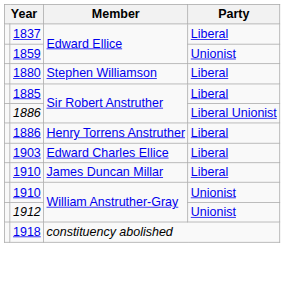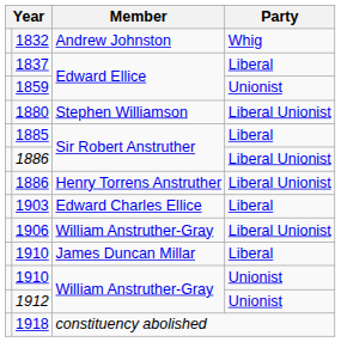 <table class="wikitable">
 <tr>
 <th colspan="2">Year</th>
 <th>Member </th>
 <th>Party</th>
+</tr>
+<tr>
+<td style="color:inherit;background-color: "></td>
+<td><a href='#'>1832</a></td>
+<td><a href='#'>Andrew Johnston</a></td>
+<td><a href='#'>Whig</a></td>
 </tr>
 <tr>
 <td style="color:inherit;background-color: "></td>
 <td><a href='#'>1837</a></td>
 <td rowspan="2"><a href='#'>Edward Ellice</a></td>
 <td><a href='#'>Liberal</a></td>
 </tr>
 <tr>
 <td style="color:inherit;background-color: "></td>
 <td><a href='#'>1859</a></td>
 <td><a href='#'>Unionist</a></td>
 </tr>
 <tr>
 <td style="color:inherit;background-color: "></td>
 <td><a href='#'>1880</a></td>
 <td><a href='#'>Stephen Williamson</a></td>
-<td><a href='#'>Liberal</a></td>
+<td><a href='#'>Liberal Unionist</a></td>
 </tr>
 <tr>
 <td style="color:inherit;background-color: "></td>
 <td><a href='#'>1885</a></td>
 <td rowspan=2><a href='#'>Sir Robert Anstruther</a></td>
 <td><a href='#'>Liberal</a></td>
 </tr>
 <tr>
 <td style="color:inherit;background-color: "></td>
 <td><em>1886</em></td>
 <td><a href='#'>Liberal Unionist</a></td>
 </tr>
 <tr>
 <td style="color:inherit;background-color: "></td>
 <td><a href='#'>1886</a></td>
 <td><a href='#'>Henry Torrens Anstruther</a></td>
-<td><a href='#'>Liberal</a></td>
+<td><a href='#'>Liberal Unionist</a></td>
 </tr>
 <tr>
 <td style="color:inherit;background-color: "></td>
 <td><a href='#'>1903</a></td>
 <td><a href='#'>Edward Charles Ellice</a></td>
 <td><a href='#'>Liberal</a></td>
+</tr>
+<tr>
+<td style="color:inherit;background-color: "></td>
+<td><a href='#'>1906</a></td>
+<td><a href='#'>William Anstruther-Gray</a></td>
+<td><a href='#'>Liberal Unionist</a></td>
 </tr>
 <tr>
 <td style="color:inherit;background-color: "></td>
 <td><a href='#'>1910</a></td>
 <td><a href='#'>James Duncan Millar</a></td>
 <td><a href='#'>Liberal</a></td>
 </tr>
 <tr>
 <td style="color:inherit;background-color: "></td>
 <td><a href='#'>1910</a></td>
 <td rowspan="2"><a href='#'>William Anstruther-Gray</a></td>
 <td><a href='#'>Unionist</a></td>
 </tr>
 <tr>
 <td style="color:inherit;background-color: "></td>
 <td><em>1912</em></td>
 <td><a href='#'>Unionist</a></td>
 </tr>
 <tr>
 <td></td>
 <td><a href='#'>1918</a></td>
 <td colspan="2"><em>constituency abolished</em></td>
 </tr>
 </table>
